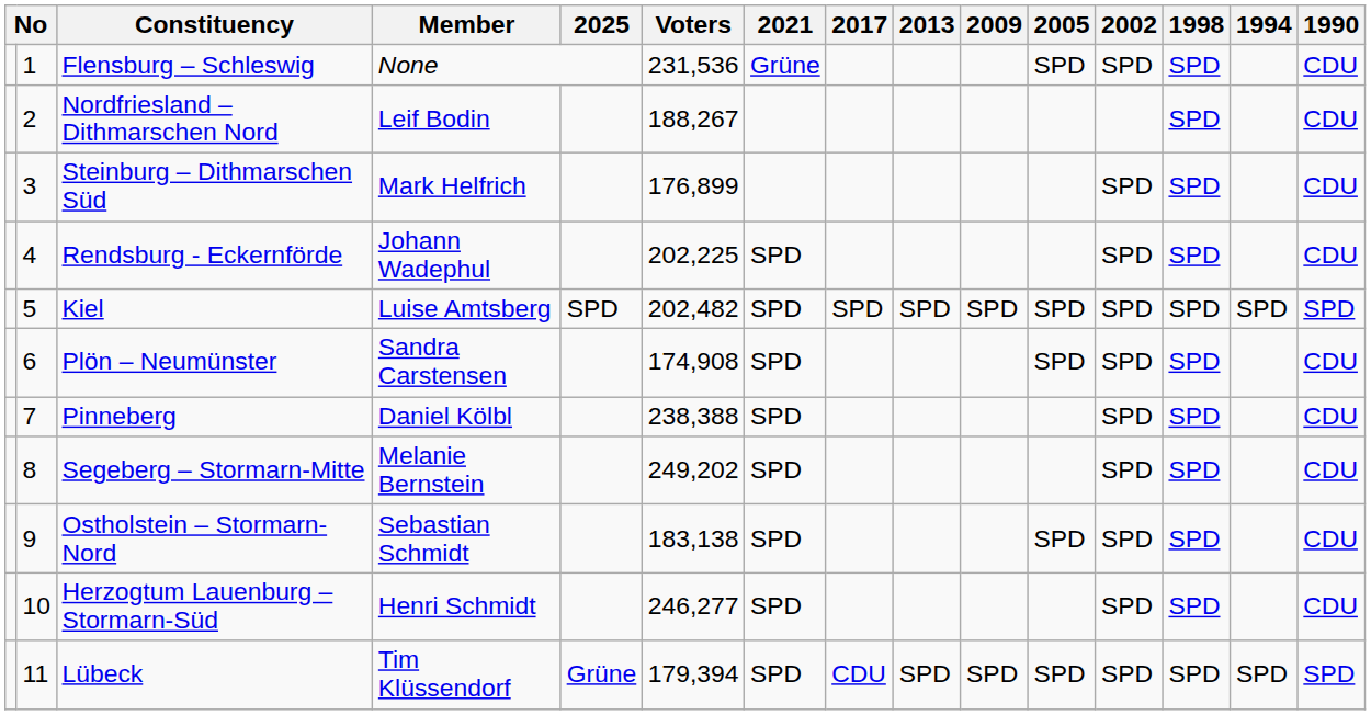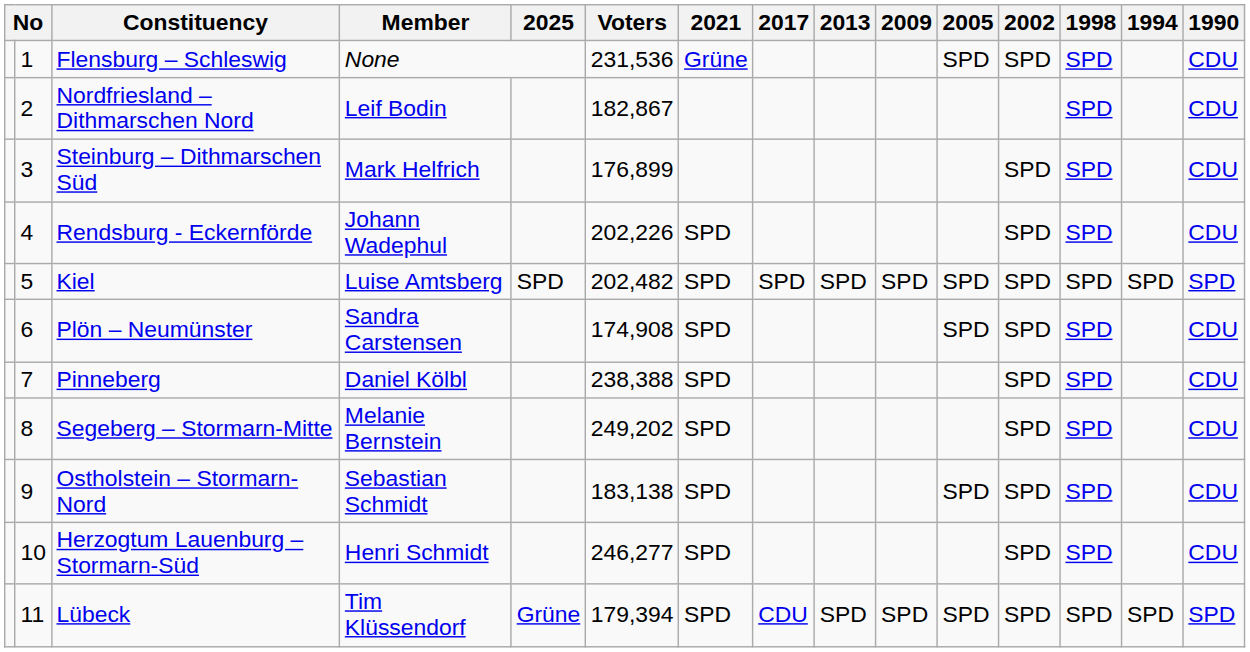 <table class="wikitable sortable">
 <tr>
 <th colspan=2>No</th>
 <th>Constituency</th>
 <th>Member</th>
 <th>2025</th>
 <th>Voters</th>
 <th>2021</th>
 <th>2017</th>
 <th>2013</th>
 <th>2009</th>
 <th>2005</th>
 <th>2002</th>
 <th>1998</th>
 <th>1994</th>
 <th>1990</th>
 </tr>
 <tr>
 <td></td>
 <td>1</td>
 <td><a href='#'>Flensburg – Schleswig</a></td>
 <td colspan="2"><em>None</em></td>
 <td>231,536</td>
 <td><a href='#'>Grüne</a></td>
 <td></td>
 <td></td>
 <td></td>
 <td bgcolor=>SPD</td>
 <td bgcolor=>SPD</td>
 <td><a href='#'>SPD</a></td>
 <td></td>
 <td><a href='#'>CDU</a></td>
 </tr>
 <tr>
 <td style="background-color: "></td>
 <td>2</td>
 <td><a href='#'>Nordfriesland – Dithmarschen Nord</a></td>
 <td><a href='#'>Leif Bodin</a></td>
 <td bgcolor=></td>
-<td>188,267</td>
+<td>182,867</td>
 <td bgcolor=></td>
 <td></td>
 <td></td>
 <td></td>
 <td></td>
 <td></td>
 <td><a href='#'>SPD</a></td>
 <td></td>
 <td><a href='#'>CDU</a></td>
 </tr>
 <tr>
 <td style="background-color: "></td>
 <td>3</td>
 <td><a href='#'>Steinburg – Dithmarschen Süd</a></td>
 <td><a href='#'>Mark Helfrich</a></td>
 <td bgcolor=></td>
 <td>176,899</td>
 <td bgcolor=></td>
 <td></td>
 <td></td>
 <td></td>
 <td></td>
 <td bgcolor=>SPD</td>
 <td><a href='#'>SPD</a></td>
 <td></td>
 <td><a href='#'>CDU</a></td>
 </tr>
 <tr>
 <td style="background-color: "></td>
 <td>4</td>
 <td><a href='#'>Rendsburg - Eckernförde</a></td>
 <td><a href='#'>Johann Wadephul</a></td>
 <td bgcolor=></td>
-<td>202,225</td>
+<td>202,226</td>
 <td bgcolor=>SPD</td>
 <td></td>
 <td></td>
 <td></td>
 <td></td>
 <td bgcolor=>SPD</td>
 <td><a href='#'>SPD</a></td>
 <td></td>
 <td><a href='#'>CDU</a></td>
 </tr>
 <tr>
 <td style="background-color: "></td>
 <td>5</td>
 <td><a href='#'>Kiel</a></td>
 <td><a href='#'>Luise Amtsberg</a></td>
 <td bgcolor=>SPD</td>
 <td>202,482</td>
 <td bgcolor=>SPD</td>
 <td bgcolor=>SPD</td>
 <td bgcolor=>SPD</td>
 <td bgcolor=>SPD</td>
 <td bgcolor=>SPD</td>
 <td bgcolor=>SPD</td>
 <td bgcolor=>SPD</td>
 <td bgcolor=>SPD</td>
 <td><a href='#'>SPD</a></td>
 </tr>
 <tr>
 <td style="background-color: "></td>
 <td>6</td>
 <td><a href='#'>Plön – Neumünster</a></td>
 <td><a href='#'>Sandra Carstensen</a></td>
 <td></td>
 <td>174,908</td>
 <td bgcolor=>SPD</td>
 <td></td>
 <td></td>
 <td></td>
 <td bgcolor=>SPD</td>
 <td bgcolor=>SPD</td>
 <td><a href='#'>SPD</a></td>
 <td></td>
 <td><a href='#'>CDU</a></td>
 </tr>
 <tr>
 <td style="background-color: "></td>
 <td>7</td>
 <td><a href='#'>Pinneberg</a></td>
 <td><a href='#'>Daniel Kölbl</a></td>
 <td></td>
 <td>238,388</td>
 <td bgcolor=>SPD</td>
 <td></td>
 <td></td>
 <td></td>
 <td></td>
 <td bgcolor=>SPD</td>
 <td><a href='#'>SPD</a></td>
 <td></td>
 <td><a href='#'>CDU</a></td>
 </tr>
 <tr>
 <td style="background-color: "></td>
 <td>8</td>
 <td><a href='#'>Segeberg – Stormarn-Mitte</a></td>
 <td><a href='#'>Melanie Bernstein</a></td>
 <td></td>
 <td>249,202</td>
 <td bgcolor=>SPD</td>
 <td></td>
 <td></td>
 <td></td>
 <td></td>
 <td bgcolor=>SPD</td>
 <td><a href='#'>SPD</a></td>
 <td></td>
 <td><a href='#'>CDU</a></td>
 </tr>
 <tr>
 <td style="background-color: "></td>
 <td>9</td>
 <td><a href='#'>Ostholstein – Stormarn-Nord</a></td>
 <td><a href='#'>Sebastian Schmidt</a></td>
 <td></td>
 <td>183,138</td>
 <td bgcolor=>SPD</td>
 <td></td>
 <td></td>
 <td></td>
 <td bgcolor=>SPD</td>
 <td bgcolor=>SPD</td>
 <td><a href='#'>SPD</a></td>
 <td></td>
 <td><a href='#'>CDU</a></td>
 </tr>
 <tr>
 <td style="background-color: "></td>
 <td>10</td>
 <td><a href='#'>Herzogtum Lauenburg – Stormarn-Süd</a></td>
 <td><a href='#'>Henri Schmidt</a></td>
 <td></td>
 <td>246,277</td>
 <td bgcolor=>SPD</td>
 <td></td>
 <td></td>
 <td></td>
 <td></td>
 <td bgcolor=>SPD</td>
 <td><a href='#'>SPD</a></td>
 <td></td>
 <td><a href='#'>CDU</a></td>
 </tr>
 <tr>
 <td style="background-color: "></td>
 <td>11</td>
 <td><a href='#'>Lübeck</a></td>
 <td><a href='#'>Tim Klüssendorf</a></td>
 <td><a href='#'>Grüne</a></td>
 <td>179,394</td>
 <td bgcolor=>SPD</td>
 <td><a href='#'>CDU</a></td>
 <td bgcolor=>SPD</td>
 <td bgcolor=>SPD</td>
 <td bgcolor=>SPD</td>
 <td bgcolor=>SPD</td>
 <td bgcolor=>SPD</td>
 <td bgcolor=>SPD</td>
 <td><a href='#'>SPD</a></td>
 </tr>
 </table>
